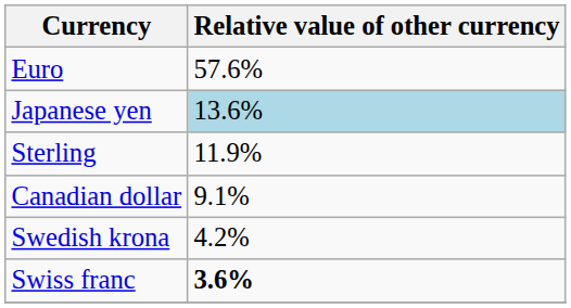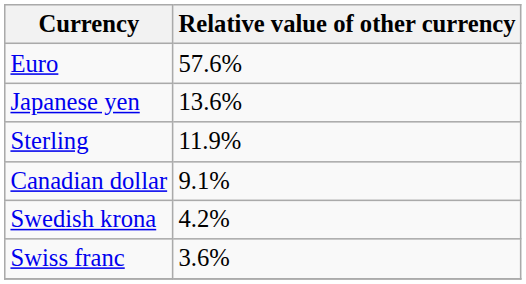 <table class="wikitable">
 <tr>
 <th scope="col">Currency</th>
 <th scope="col">Relative value of other currency</th>
 </tr>
 <tr>
 <td scope="row"><a href='#'>Euro</a></td>
 <td>57.6%</td>
 </tr>
 <tr>
 <td scope="row"><a href='#'>Japanese yen</a></td>
-<td style="background: lightblue;">13.6%</td>
+<td>13.6%</td>
 </tr>
 <tr>
 <td scope="row"><a href='#'>Sterling</a></td>
 <td>11.9%</td>
 </tr>
 <tr>
 <td scope="row"><a href='#'>Canadian dollar</a></td>
 <td>9.1%</td>
 </tr>
 <tr>
 <td scope="row"><a href='#'>Swedish krona</a></td>
 <td>4.2%</td>
 </tr>
 <tr>
 <td scope="row"><a href='#'>Swiss franc</a></td>
-<td><strong>3.6%</strong></td>
+<td>3.6%</td>
 </tr>
 <tr>
 </tr>
 </table>
